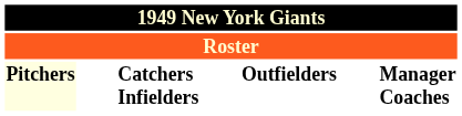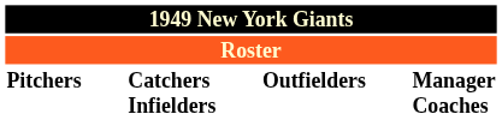 <table class="toccolours" style="font-size: 95%;">
 <tr>
 <th colspan="10" style="background-color: black; color: #FFFDD0; text-align: center;">1949 New York Giants</th>
 </tr>
 <tr>
 <td colspan="10" style="background-color: #fd5a1e; color: #FFFDD0; text-align: center;"><strong>Roster</strong></td>
 </tr>
 <tr>
-<td valign="top" style="background: lightyellow;"><strong>Pitchers</strong><br>            </td>
+<td valign="top"><strong>Pitchers</strong><br>            </td>
 <td width="25px"></td>
 <td valign="top"><strong>Catchers</strong><br>      <strong>Infielders</strong>               </td>
 <td width="25px"></td>
 <td valign="top"><strong>Outfielders</strong><br>     </td>
 <td width="25px"></td>
 <td valign="top"><strong>Manager</strong><br> <strong>Coaches</strong>    </td>
 </tr>
 </table>
